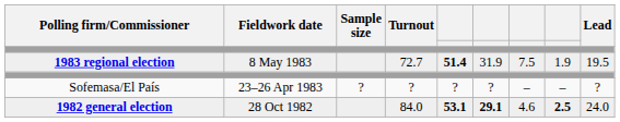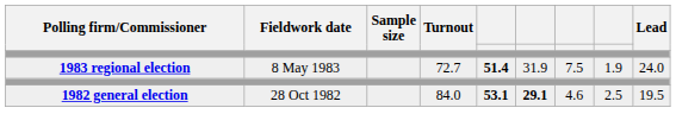 <table class="wikitable collapsible collapsed" style="text-align:center; font-size:95%; line-height:16px;">
 <tr style="height:42px;">
 <th style="width:250px;" rowspan="2">Polling firm/Commissioner</th>
 <th style="width:125px;" rowspan="2">Fieldwork date</th>
 <th style="width:50px;" rowspan="2">Sample size</th>
 <th style="width:45px;" rowspan="2">Turnout</th>
 <th style="width:35px;"></th>
 <th style="width:35px;"></th>
 <th style="width:35px;"></th>
 <th style="width:35px;"></th>
 <th style="width:30px;" rowspan="2">Lead</th>
 </tr>
 <tr>
 <th style="color:inherit;background:"></th>
 <th style="color:inherit;background:"></th>
 <th style="color:inherit;background:"></th>
 <th style="color:inherit;background:"></th>
 </tr>
 <tr>
 <td colspan="9" style="background:#A0A0A0"></td>
 </tr>
 <tr style="background:#EFEFEF;">
 <td><strong><a href='#'>1983 regional election</a></strong></td>
 <td>8 May 1983</td>
 <td></td>
 <td>72.7</td>
 <td><strong>51.4</strong><br></td>
 <td>31.9<br></td>
 <td>7.5<br></td>
 <td>1.9<br></td>
-<td style="background:">19.5</td>
+<td style="background:">24.0</td>
 </tr>
 <tr>
 <td colspan="9" style="background:#A0A0A0"></td>
-</tr>
-<tr>
-<td>Sofemasa/El País</td>
-<td>23–26 Apr 1983</td>
-<td>?</td>
-<td>?</td>
-<td>?<br></td>
-<td>?<br></td>
-<td>–</td>
-<td>–</td>
-<td style="background:">?</td>
 </tr>
 <tr style="background:#EFEFEF;">
 <td><strong><a href='#'>1982 general election</a></strong></td>
 <td>28 Oct 1982</td>
 <td></td>
 <td>84.0</td>
 <td><strong>53.1</strong><br></td>
 <td><strong>29.1<br></strong></td>
 <td>4.6<br></td>
-<td><strong>2.5<br></strong></td>
-<td style="background:">24.0</td>
+<td>2.5<br></td>
+<td style="background:">19.5</td>
 </tr>
 </table>
